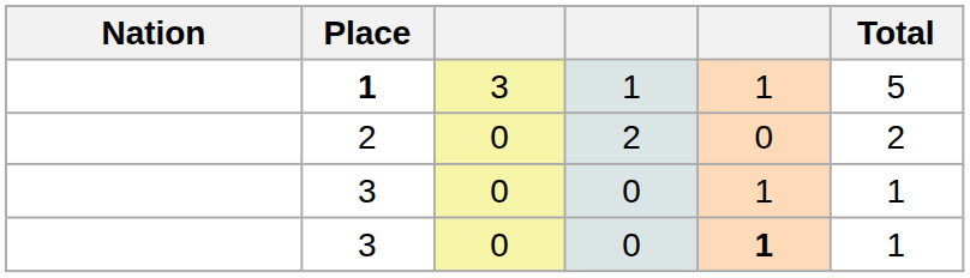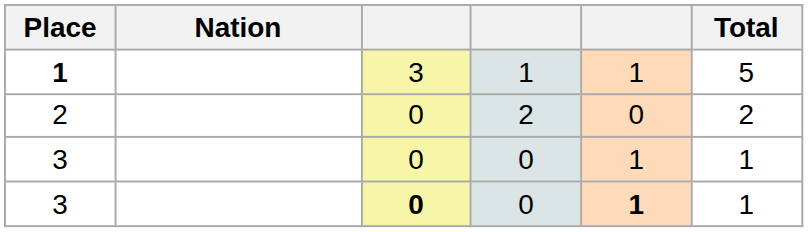 <table class=wikitable style="border:1px solid #AAAAAA;font-size:90%">
 <tr bgcolor="#EFEFEF">
+<th width=50>Place</th>
 <th width=120>Nation</th>
-<th width=50>Place</th>
 <th width=50></th>
 <th width=50></th>
 <th width=50></th>
 <th width=50>Total</th>
 </tr>
 <tr align="center" valign="top" bgcolor="#FFFFFF">
+<td><strong>1</strong></td>
 <td align="left"><strong></strong></td>
-<td><strong>1</strong></td>
 <td style="background:#F7F6A8;">3</td>
 <td style="background:#DCE5E5;">1</td>
 <td style="background:#FFDAB9;">1</td>
 <td>5</td>
 </tr>
 <tr align="center" valign="top" bgcolor="#FFFFFF">
+<td>2</td>
 <td align="left"></td>
-<td>2</td>
 <td style="background:#F7F6A8;">0</td>
 <td style="background:#DCE5E5;">2</td>
 <td style="background:#FFDAB9;">0</td>
 <td>2</td>
 </tr>
 <tr align="center" valign="top" bgcolor="#FFFFFF">
+<td>3</td>
 <td align="left"></td>
-<td>3</td>
 <td style="background:#F7F6A8;">0</td>
 <td style="background:#DCE5E5;">0</td>
 <td style="background:#FFDAB9;">1</td>
 <td>1</td>
 </tr>
 <tr align="center" valign="top" bgcolor="#FFFFFF">
+<td>3</td>
 <td align="left"></td>
-<td>3</td>
-<td style="background:#F7F6A8;">0</td>
+<td style="background:#F7F6A8;"><strong>0</strong></td>
 <td style="background:#DCE5E5;">0</td>
 <td style="background:#FFDAB9;"><strong>1</strong></td>
 <td>1</td>
 </tr>
 </table>
